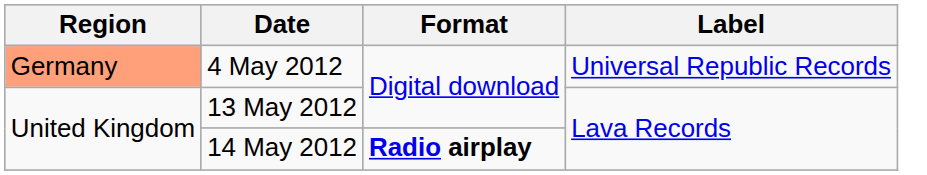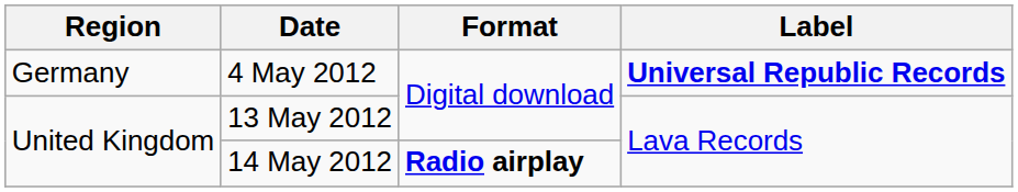 <table class="wikitable plainrowheaders">
 <tr>
 <th scope="col">Region</th>
 <th scope="col">Date</th>
 <th scope="col">Format</th>
 <th scope="col">Label</th>
 </tr>
 <tr>
-<td style="background: lightsalmon;">Germany</td>
+<td>Germany</td>
 <td>4 May 2012</td>
 <td rowspan="2"><a href='#'>Digital download</a></td>
-<td><a href='#'>Universal Republic Records</a></td>
+<td><strong><a href='#'>Universal Republic Records</a></strong></td>
 </tr>
 <tr>
 <td rowspan="2">United Kingdom</td>
 <td>13 May 2012</td>
 <td rowspan="2"><a href='#'>Lava Records</a></td>
 </tr>
 <tr>
 <td>14 May 2012</td>
 <td><strong><a href='#'>Radio</a> airplay</strong></td>
 </tr>
 </table>
